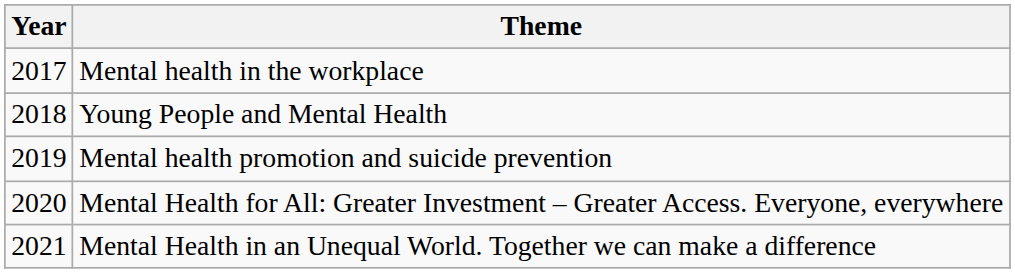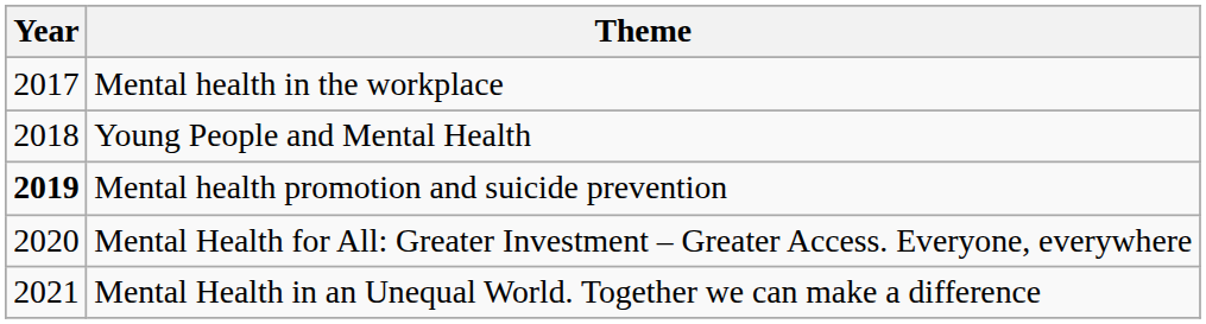 <table class="wikitable">
 <tr>
 <th>Year</th>
 <th>Theme</th>
 </tr>
 <tr>
 <td>2017</td>
 <td>Mental health in the workplace</td>
 </tr>
 <tr>
 <td>2018</td>
 <td>Young People and Mental Health</td>
 </tr>
 <tr>
-<td>2019</td>
+<td><strong>2019</strong></td>
 <td>Mental health promotion and suicide prevention</td>
 </tr>
 <tr>
 <td>2020</td>
 <td>Mental Health for All: Greater Investment – Greater Access. Everyone, everywhere</td>
 </tr>
 <tr>
 <td>2021</td>
 <td>Mental Health in an Unequal World. Together we can make a difference</td>
 </tr>
 </table>
